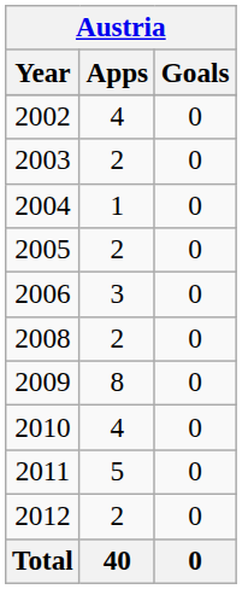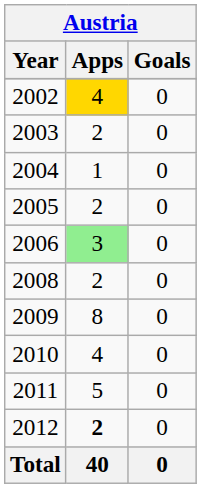 <table class="wikitable" style="text-align:center">
 <tr>
 <th colspan=3><a href='#'>Austria</a></th>
 </tr>
 <tr>
 <th>Year</th>
 <th>Apps</th>
 <th>Goals</th>
 </tr>
 <tr>
 </tr>
 <tr>
 <td>2002</td>
-<td>4</td>
+<td style="background: gold;">4</td>
 <td>0</td>
 </tr>
 <tr>
 <td>2003</td>
 <td>2</td>
 <td>0</td>
 </tr>
 <tr>
 <td>2004</td>
 <td>1</td>
 <td>0</td>
 </tr>
 <tr>
 <td>2005</td>
 <td>2</td>
 <td>0</td>
 </tr>
 <tr>
 <td>2006</td>
-<td>3</td>
+<td style="background: lightgreen;">3</td>
 <td>0</td>
 </tr>
 <tr>
 <td>2008</td>
 <td>2</td>
 <td>0</td>
 </tr>
 <tr>
 <td>2009</td>
 <td>8</td>
 <td>0</td>
 </tr>
 <tr>
 <td>2010</td>
 <td>4</td>
 <td>0</td>
 </tr>
 <tr>
 <td>2011</td>
 <td>5</td>
 <td>0</td>
 </tr>
 <tr>
 <td>2012</td>
-<td>2</td>
+<td><strong>2</strong></td>
 <td>0</td>
 </tr>
 <tr>
 <th>Total</th>
 <th>40</th>
 <th>0</th>
 </tr>
 </table>
